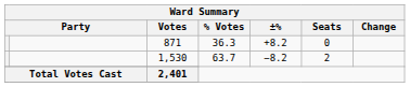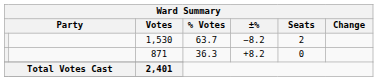 <table class="wikitable" style="font-size: 95%;">
 <tr style="background-color:#E9E9E9">
 <th colspan="7">Ward Summary</th>
 </tr>
 <tr style="background-color:#E9E9E9">
 <th colspan="2">Party</th>
 <th style="width: 60px">Votes</th>
 <th style="width: 60px">% Votes</th>
 <th style="width: 60px">±%</th>
 <th style="width: 60px">Seats</th>
 <th style="width: 60px">Change</th>
 </tr>
 <tr>
 <th style="background-color: "></th>
 <td style="width: 170px"><a href='#'></a></td>
-<td align="center">871</td>
-<td align="center">36.3</td>
-<td align="center">+8.2</td>
-<td align="center">0</td>
+<td align="center">1,530</td>
+<td align="center">63.7</td>
+<td align="center">−8.2</td>
+<td align="center">2</td>
 <td align="center"></td>
 </tr>
 <tr>
 <th style="background-color: "></th>
 <td style="width: 170px"><a href='#'></a></td>
-<td align="center">1,530</td>
-<td align="center">63.7</td>
-<td align="center">−8.2</td>
-<td align="center">2</td>
+<td align="center">871</td>
+<td align="center">36.3</td>
+<td align="center">+8.2</td>
+<td align="center">0</td>
 <td align="center"></td>
 </tr>
 <tr>
 </tr>
 <tr style="background-color:#E9E9E9">
 <th colspan="2">Total Votes Cast</th>
 <th style="width: 60px">2,401</th>
 </tr>
 <tr style="background-color:#E9E9E9">
 </tr>
 </table>
